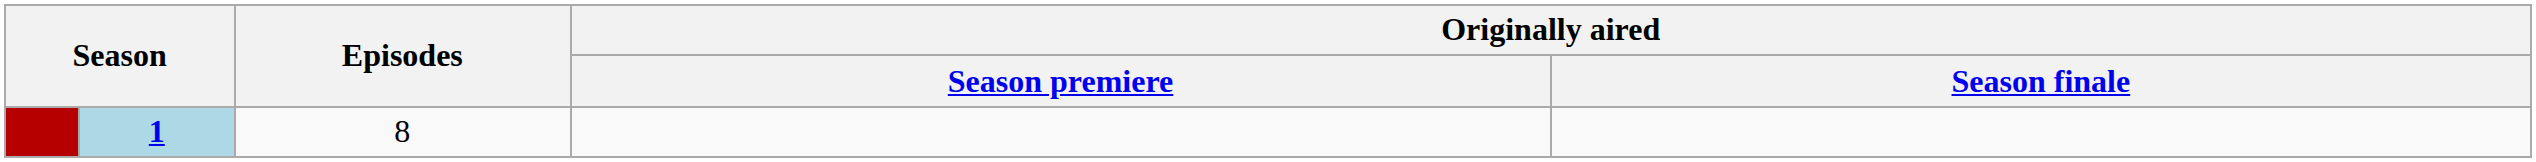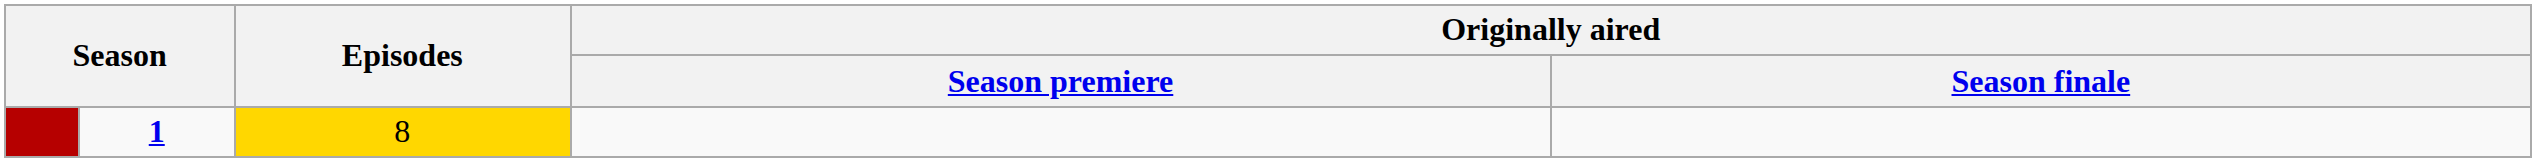 <table class="wikitable" style="text-align:center; width:100%;">
 <tr>
 <th colspan="2" rowspan="2" width=3%>Season</th>
 <th rowspan="2" width=5%>Episodes</th>
 <th colspan="2">Originally aired</th>
 </tr>
 <tr>
 <th width=15%><a href='#'>Season premiere</a></th>
 <th width=15%><a href='#'>Season finale</a></th>
 </tr>
 <tr>
 <td style="background-color:#B60000; height:10px;"></td>
-<td style="background: lightblue;"><strong><a href='#'>1</a></strong></td>
-<td>8</td>
+<td><strong><a href='#'>1</a></strong></td>
+<td style="background: gold;">8</td>
 <td></td>
 <td></td>
 </tr>
 </table>
